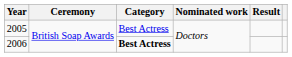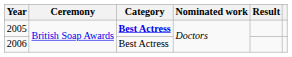 <table class="wikitable">
 <tr>
 <th>Year</th>
 <th>Ceremony</th>
 <th>Category</th>
 <th>Nominated work</th>
 <th>Result</th>
 <th></th>
 </tr>
 <tr>
 <td>2005</td>
 <td rowspan="2"><a href='#'>British Soap Awards</a></td>
-<td><a href='#'>Best Actress</a></td>
+<td><strong><a href='#'>Best Actress</a></strong></td>
 <td rowspan="2"><em>Doctors</em></td>
 <td></td>
 <td align="center"></td>
 </tr>
 <tr>
 <td>2006</td>
-<td><strong>Best Actress</strong></td>
+<td>Best Actress</td>
 <td></td>
 <td align="center"></td>
 </tr>
 </table>
